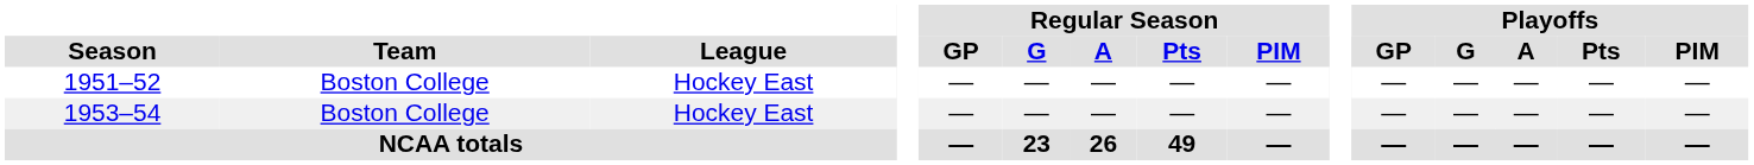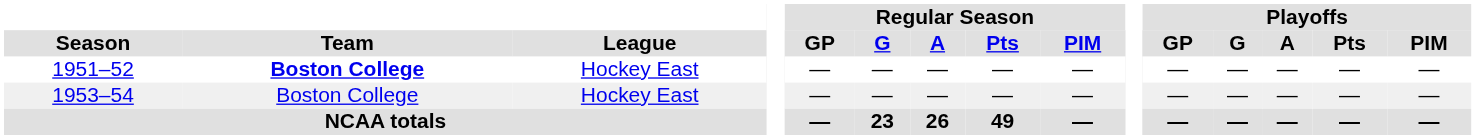 <table border="0" cellpadding="1" cellspacing="0" style="text-align:center; width:70em">
 <tr bgcolor="#e0e0e0">
 <th colspan="3"  bgcolor="#ffffff"> </th>
 <th rowspan="99" bgcolor="#ffffff"> </th>
 <th colspan="5">Regular Season</th>
 <th rowspan="99" bgcolor="#ffffff"> </th>
 <th colspan="5">Playoffs</th>
 </tr>
 <tr bgcolor="#e0e0e0">
 <th>Season</th>
 <th>Team</th>
 <th>League</th>
 <th>GP</th>
 <th><a href='#'>G</a></th>
 <th><a href='#'>A</a></th>
 <th><a href='#'>Pts</a></th>
 <th><a href='#'>PIM</a></th>
 <th>GP</th>
 <th>G</th>
 <th>A</th>
 <th>Pts</th>
 <th>PIM</th>
 </tr>
 <tr>
 <td><a href='#'>1951–52</a></td>
-<td><a href='#'>Boston College</a></td>
+<td><strong><a href='#'>Boston College</a></strong></td>
 <td><a href='#'>Hockey East</a></td>
 <td>—</td>
 <td>—</td>
 <td>—</td>
 <td>—</td>
 <td>—</td>
 <td>—</td>
 <td>—</td>
 <td>—</td>
 <td>—</td>
 <td>—</td>
 </tr>
 <tr bgcolor="f0f0f0">
 <td><a href='#'>1953–54</a></td>
 <td><a href='#'>Boston College</a></td>
 <td><a href='#'>Hockey East</a></td>
 <td>—</td>
 <td>—</td>
 <td>—</td>
 <td>—</td>
 <td>—</td>
 <td>—</td>
 <td>—</td>
 <td>—</td>
 <td>—</td>
 <td>—</td>
 </tr>
 <tr bgcolor="#e0e0e0">
 <th colspan="3">NCAA totals</th>
 <th>—</th>
 <th>23</th>
 <th>26</th>
 <th>49</th>
 <th>—</th>
 <th>—</th>
 <th>—</th>
 <th>—</th>
 <th>—</th>
 <th>—</th>
 </tr>
 </table>
